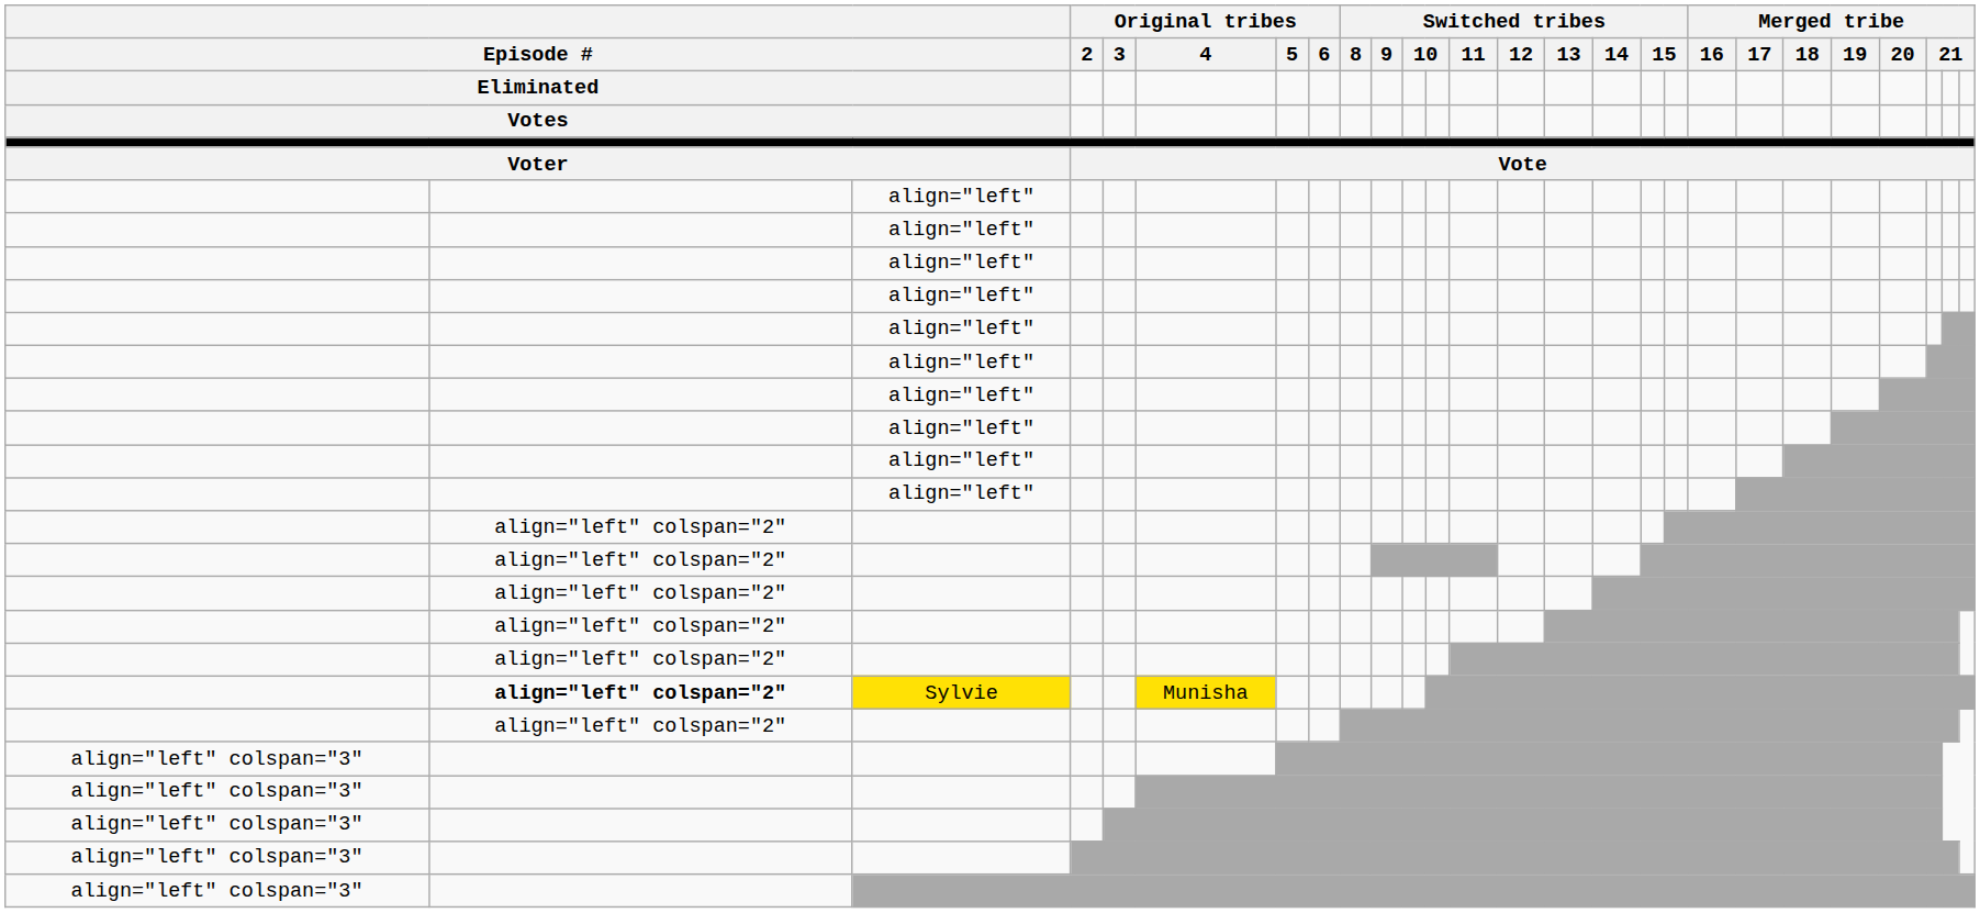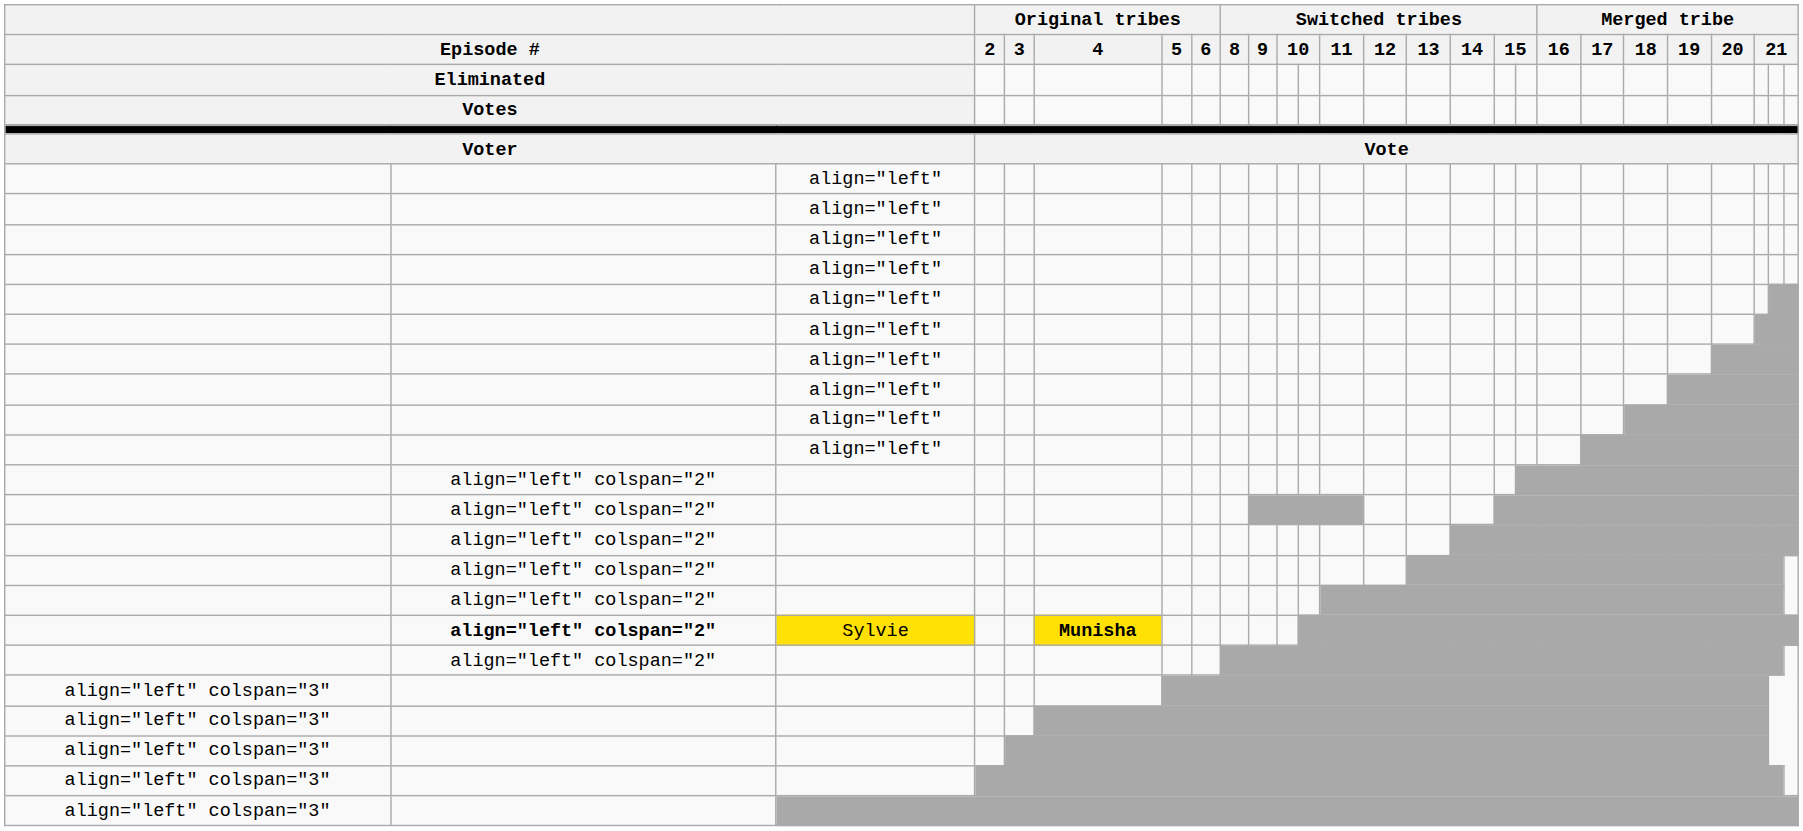 <table class="wikitable" style="text-align:center; white-space:nowrap; width:100%">
 <tr>
 <th colspan="3"></th>
 <th colspan="5">Original tribes</th>
 <th colspan="10">Switched tribes</th>
 <th colspan="8">Merged tribe</th>
 </tr>
 <tr>
 <th colspan="3">Episode #</th>
 <th>2</th>
 <th>3</th>
 <th>4</th>
 <th>5</th>
 <th>6</th>
 <th>8</th>
 <th>9</th>
 <th colspan="2">10</th>
 <th>11</th>
 <th>12</th>
 <th>13</th>
 <th>14</th>
 <th colspan="2">15</th>
 <th>16</th>
 <th>17</th>
 <th>18</th>
 <th>19</th>
 <th>20</th>
 <th colspan="3">21</th>
 </tr>
 <tr>
 <th colspan="3">Eliminated</th>
 <td></td>
 <td></td>
 <td></td>
 <td></td>
 <td></td>
 <td></td>
 <td></td>
 <td></td>
 <td></td>
 <td></td>
 <td></td>
 <td></td>
 <td></td>
 <td></td>
 <td></td>
 <td></td>
 <td></td>
 <td></td>
 <td></td>
 <td></td>
 <td></td>
 <td></td>
 <td></td>
 </tr>
 <tr>
 <th colspan="3">Votes</th>
 <td></td>
 <td></td>
 <td></td>
 <td></td>
 <td></td>
 <td></td>
 <td></td>
 <td></td>
 <td></td>
 <td></td>
 <td></td>
 <td></td>
 <td></td>
 <td></td>
 <td></td>
 <td></td>
 <td></td>
 <td></td>
 <td></td>
 <td></td>
 <td></td>
 <td></td>
 <td></td>
 </tr>
 <tr>
 <th colspan="26" style="background:black;"></th>
 </tr>
 <tr>
 <th colspan="3">Voter</th>
 <th colspan="23">Vote</th>
 </tr>
 <tr>
 <td></td>
 <td></td>
 <td>align="left" </td>
 <td></td>
 <td></td>
 <td></td>
 <td></td>
 <td></td>
 <td></td>
 <td></td>
 <td></td>
 <td></td>
 <td></td>
 <td></td>
 <td></td>
 <td></td>
 <td></td>
 <td></td>
 <td></td>
 <td></td>
 <td></td>
 <td></td>
 <td></td>
 <td></td>
 <td></td>
 <td></td>
 </tr>
 <tr>
 <td></td>
 <td></td>
 <td>align="left" </td>
 <td></td>
 <td></td>
 <td></td>
 <td></td>
 <td></td>
 <td></td>
 <td></td>
 <td></td>
 <td></td>
 <td></td>
 <td></td>
 <td></td>
 <td></td>
 <td></td>
 <td></td>
 <td></td>
 <td></td>
 <td></td>
 <td></td>
 <td></td>
 <td></td>
 <td></td>
 <td></td>
 </tr>
 <tr>
 <td></td>
 <td></td>
 <td>align="left" </td>
 <td></td>
 <td></td>
 <td></td>
 <td></td>
 <td></td>
 <td></td>
 <td></td>
 <td></td>
 <td></td>
 <td></td>
 <td></td>
 <td></td>
 <td></td>
 <td></td>
 <td></td>
 <td></td>
 <td></td>
 <td></td>
 <td></td>
 <td></td>
 <td></td>
 <td></td>
 <td></td>
 </tr>
 <tr>
 <td></td>
 <td></td>
 <td>align="left" </td>
 <td></td>
 <td></td>
 <td></td>
 <td></td>
 <td></td>
 <td></td>
 <td></td>
 <td></td>
 <td></td>
 <td></td>
 <td></td>
 <td></td>
 <td></td>
 <td></td>
 <td></td>
 <td></td>
 <td></td>
 <td></td>
 <td></td>
 <td></td>
 <td></td>
 <td></td>
 <td></td>
 </tr>
 <tr>
 <td></td>
 <td></td>
 <td>align="left" </td>
 <td></td>
 <td></td>
 <td></td>
 <td></td>
 <td></td>
 <td></td>
 <td></td>
 <td></td>
 <td></td>
 <td></td>
 <td></td>
 <td></td>
 <td></td>
 <td></td>
 <td></td>
 <td></td>
 <td></td>
 <td></td>
 <td></td>
 <td></td>
 <td></td>
 <td rowspan="1" colspan="11" bgcolor="darkgray"></td>
 </tr>
 <tr>
 <td></td>
 <td></td>
 <td>align="left" </td>
 <td></td>
 <td></td>
 <td></td>
 <td></td>
 <td></td>
 <td></td>
 <td></td>
 <td></td>
 <td></td>
 <td></td>
 <td></td>
 <td></td>
 <td></td>
 <td></td>
 <td></td>
 <td></td>
 <td></td>
 <td></td>
 <td></td>
 <td></td>
 <td rowspan="1" colspan="11" bgcolor="darkgray"></td>
 </tr>
 <tr>
 <td></td>
 <td></td>
 <td>align="left" </td>
 <td></td>
 <td></td>
 <td></td>
 <td></td>
 <td></td>
 <td></td>
 <td></td>
 <td></td>
 <td></td>
 <td></td>
 <td></td>
 <td></td>
 <td></td>
 <td></td>
 <td></td>
 <td></td>
 <td></td>
 <td></td>
 <td></td>
 <td rowspan="1" colspan="11" bgcolor="darkgray"></td>
 </tr>
 <tr>
 <td></td>
 <td></td>
 <td>align="left" </td>
 <td></td>
 <td></td>
 <td></td>
 <td></td>
 <td></td>
 <td></td>
 <td></td>
 <td></td>
 <td></td>
 <td></td>
 <td></td>
 <td></td>
 <td></td>
 <td></td>
 <td></td>
 <td></td>
 <td></td>
 <td></td>
 <td rowspan="1" colspan="11" bgcolor="darkgray"></td>
 </tr>
 <tr>
 <td></td>
 <td></td>
 <td>align="left" </td>
 <td></td>
 <td></td>
 <td></td>
 <td></td>
 <td></td>
 <td></td>
 <td></td>
 <td></td>
 <td></td>
 <td></td>
 <td></td>
 <td></td>
 <td></td>
 <td></td>
 <td></td>
 <td></td>
 <td></td>
 <td rowspan="1" colspan="11" bgcolor="darkgray"></td>
 </tr>
 <tr>
 <td></td>
 <td></td>
 <td>align="left" </td>
 <td></td>
 <td></td>
 <td></td>
 <td></td>
 <td></td>
 <td></td>
 <td></td>
 <td></td>
 <td></td>
 <td></td>
 <td></td>
 <td></td>
 <td></td>
 <td></td>
 <td></td>
 <td></td>
 <td rowspan="1" colspan="11" bgcolor="darkgray"></td>
 </tr>
 <tr>
 <td></td>
 <td>align="left" colspan="2" </td>
 <td></td>
 <td></td>
 <td></td>
 <td></td>
 <td></td>
 <td></td>
 <td></td>
 <td></td>
 <td></td>
 <td></td>
 <td></td>
 <td></td>
 <td></td>
 <td></td>
 <td></td>
 <td rowspan="1" colspan="11" bgcolor="darkgray"></td>
 </tr>
 <tr>
 <td></td>
 <td>align="left" colspan="2" </td>
 <td></td>
 <td></td>
 <td></td>
 <td></td>
 <td></td>
 <td></td>
 <td></td>
 <td rowspan="1" colspan="4" bgcolor="darkgray"></td>
 <td></td>
 <td></td>
 <td></td>
 <td rowspan="1" colspan="12" bgcolor="darkgray"></td>
 </tr>
 <tr>
 <td></td>
 <td>align="left" colspan="2" </td>
 <td></td>
 <td></td>
 <td></td>
 <td></td>
 <td></td>
 <td></td>
 <td></td>
 <td></td>
 <td></td>
 <td></td>
 <td></td>
 <td></td>
 <td></td>
 <td rowspan="1" colspan="12" bgcolor="darkgray"></td>
 </tr>
 <tr>
 <td></td>
 <td>align="left" colspan="2" </td>
 <td></td>
 <td></td>
 <td></td>
 <td></td>
 <td></td>
 <td></td>
 <td></td>
 <td></td>
 <td></td>
 <td></td>
 <td></td>
 <td></td>
 <td rowspan="1" colspan="11" bgcolor="darkgray"></td>
 </tr>
 <tr>
 <td></td>
 <td>align="left" colspan="2" </td>
 <td></td>
 <td></td>
 <td></td>
 <td></td>
 <td></td>
 <td></td>
 <td></td>
 <td></td>
 <td></td>
 <td></td>
 <td rowspan="1" colspan="13" bgcolor="darkgray"></td>
 </tr>
 <tr>
 <td></td>
 <td><strong>align="left" colspan="2" </strong></td>
 <td bgcolor="#FFE105">Sylvie</td>
 <td></td>
 <td></td>
-<td bgcolor="#FFE105">Munisha</td>
+<td bgcolor="#FFE105"><strong>Munisha</strong></td>
 <td></td>
 <td></td>
 <td></td>
 <td></td>
 <td></td>
 <td rowspan="1" colspan="15" bgcolor="darkgray"></td>
 </tr>
 <tr>
 <td></td>
 <td>align="left" colspan="2" </td>
 <td></td>
 <td></td>
 <td></td>
 <td></td>
 <td></td>
 <td></td>
 <td rowspan="1" colspan="17" bgcolor="darkgray"></td>
 </tr>
 <tr>
 <td>align="left" colspan="3" </td>
 <td></td>
 <td></td>
 <td></td>
 <td></td>
 <td></td>
 <td rowspan="1" colspan="18" bgcolor="darkgray"></td>
 </tr>
 <tr>
 <td>align="left" colspan="3" </td>
 <td></td>
 <td></td>
 <td></td>
 <td></td>
 <td rowspan="1" colspan="19" bgcolor="darkgray"></td>
 </tr>
 <tr>
 <td>align="left" colspan="3" </td>
 <td></td>
 <td></td>
 <td></td>
 <td rowspan="1" colspan="20" bgcolor="darkgray"></td>
 </tr>
 <tr>
 <td>align="left" colspan="3" </td>
 <td></td>
 <td></td>
 <td rowspan="1" colspan="22" bgcolor="darkgray"></td>
 </tr>
 <tr>
 <td>align="left" colspan="3" </td>
 <td></td>
 <td rowspan="1" colspan="25" bgcolor="darkgray"></td>
 </tr>
 </table>
